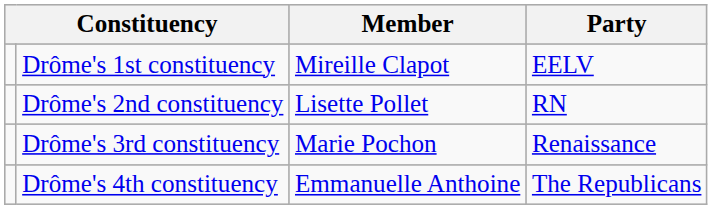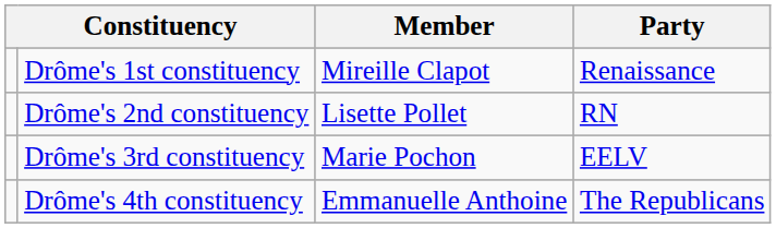 <table class="wikitable">
 <tr>
 <th colspan="2">Constituency</th>
 <th>Member</th>
 <th>Party</th>
 </tr>
 <tr>
 <td style="background-color: "></td>
 <td><a href='#'>Drôme's 1st constituency</a></td>
 <td><a href='#'>Mireille Clapot</a></td>
-<td><a href='#'>EELV</a></td>
+<td><a href='#'>Renaissance</a></td>
 </tr>
 <tr>
 <td style="background-color: "></td>
 <td><a href='#'>Drôme's 2nd constituency</a></td>
 <td><a href='#'>Lisette Pollet</a></td>
 <td><a href='#'>RN</a></td>
 </tr>
 <tr>
 <td style="background-color: "></td>
 <td><a href='#'>Drôme's 3rd constituency</a></td>
 <td><a href='#'>Marie Pochon</a></td>
-<td><a href='#'>Renaissance</a></td>
+<td><a href='#'>EELV</a></td>
 </tr>
 <tr>
 <td style="background-color: "></td>
 <td><a href='#'>Drôme's 4th constituency</a></td>
 <td><a href='#'>Emmanuelle Anthoine</a></td>
 <td><a href='#'>The Republicans</a></td>
 </tr>
 </table>
